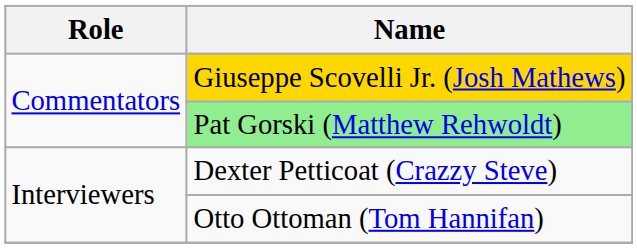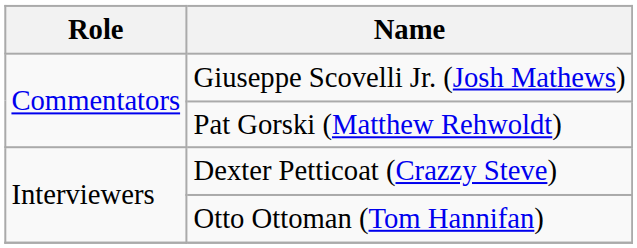 <table class=wikitable style="font-size:90%; margin: 0.5em 0 0.5em 1em; float: right; clear: right;">
 <tr>
 <th>Role</th>
 <th>Name</th>
 </tr>
 <tr>
 <td rowspan=2><a href='#'>Commentators</a></td>
-<td style="background: gold;">Giuseppe Scovelli Jr. (<a href='#'>Josh Mathews</a>)</td>
+<td>Giuseppe Scovelli Jr. (<a href='#'>Josh Mathews</a>)</td>
 </tr>
 <tr>
-<td style="background: lightgreen;">Pat Gorski (<a href='#'>Matthew Rehwoldt</a>)</td>
+<td>Pat Gorski (<a href='#'>Matthew Rehwoldt</a>)</td>
 </tr>
 <tr>
 <td rowspan=2>Interviewers</td>
 <td>Dexter Petticoat (<a href='#'>Crazzy Steve</a>)</td>
 </tr>
 <tr>
 <td>Otto Ottoman (<a href='#'>Tom Hannifan</a>)</td>
 </tr>
 <tr>
 </tr>
 </table>
